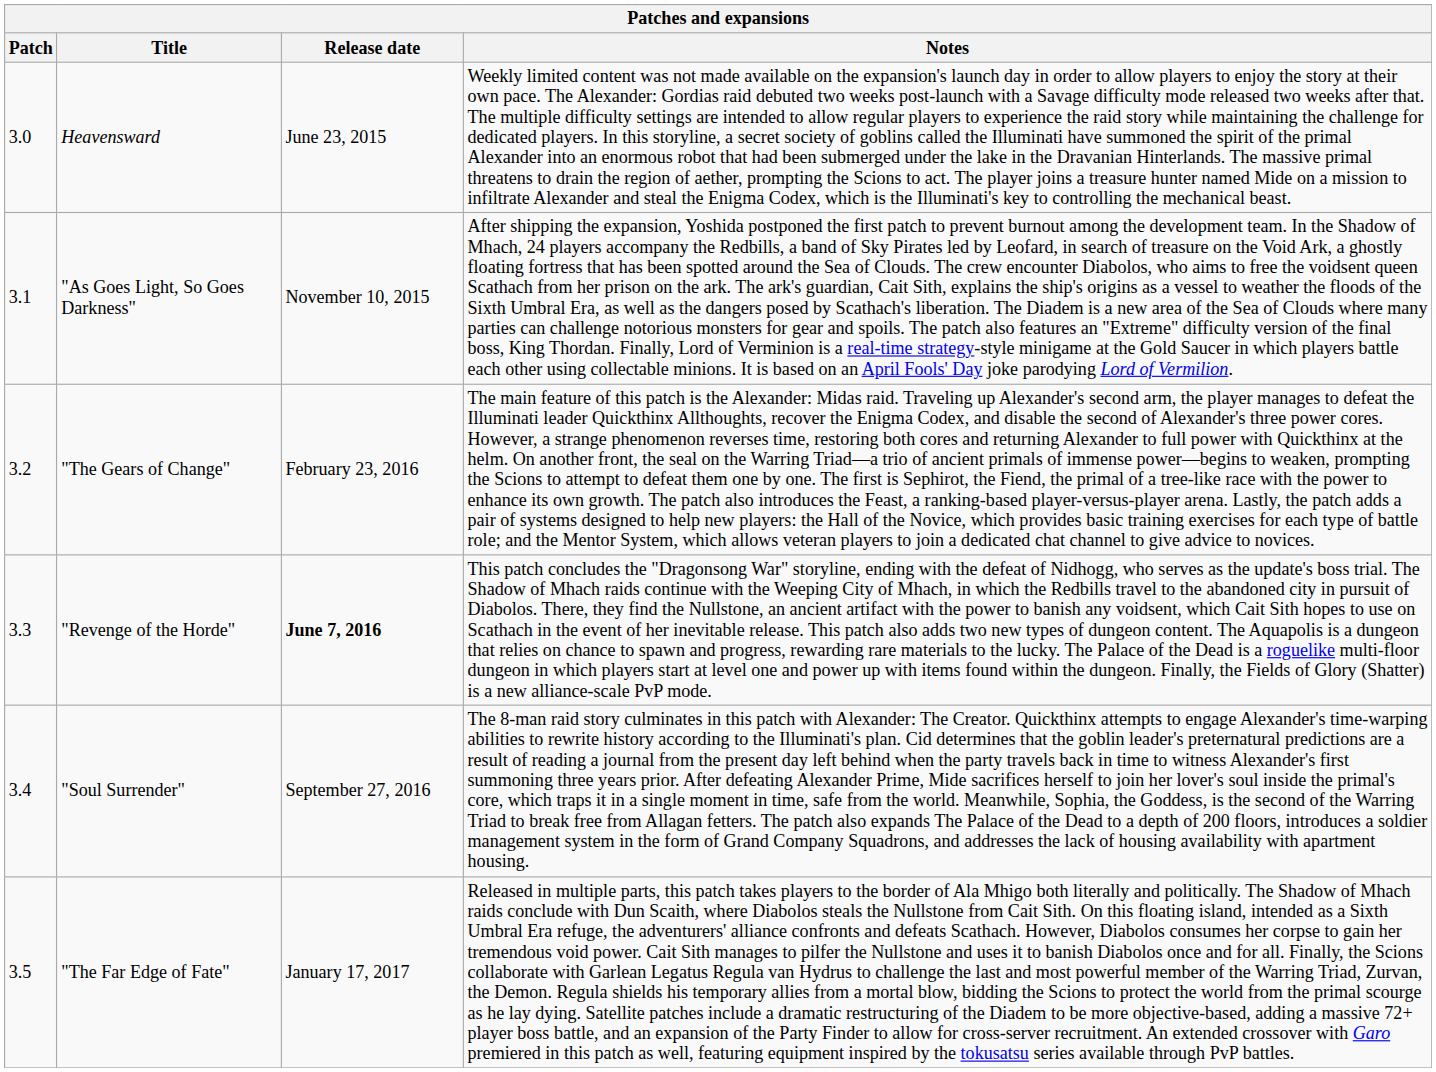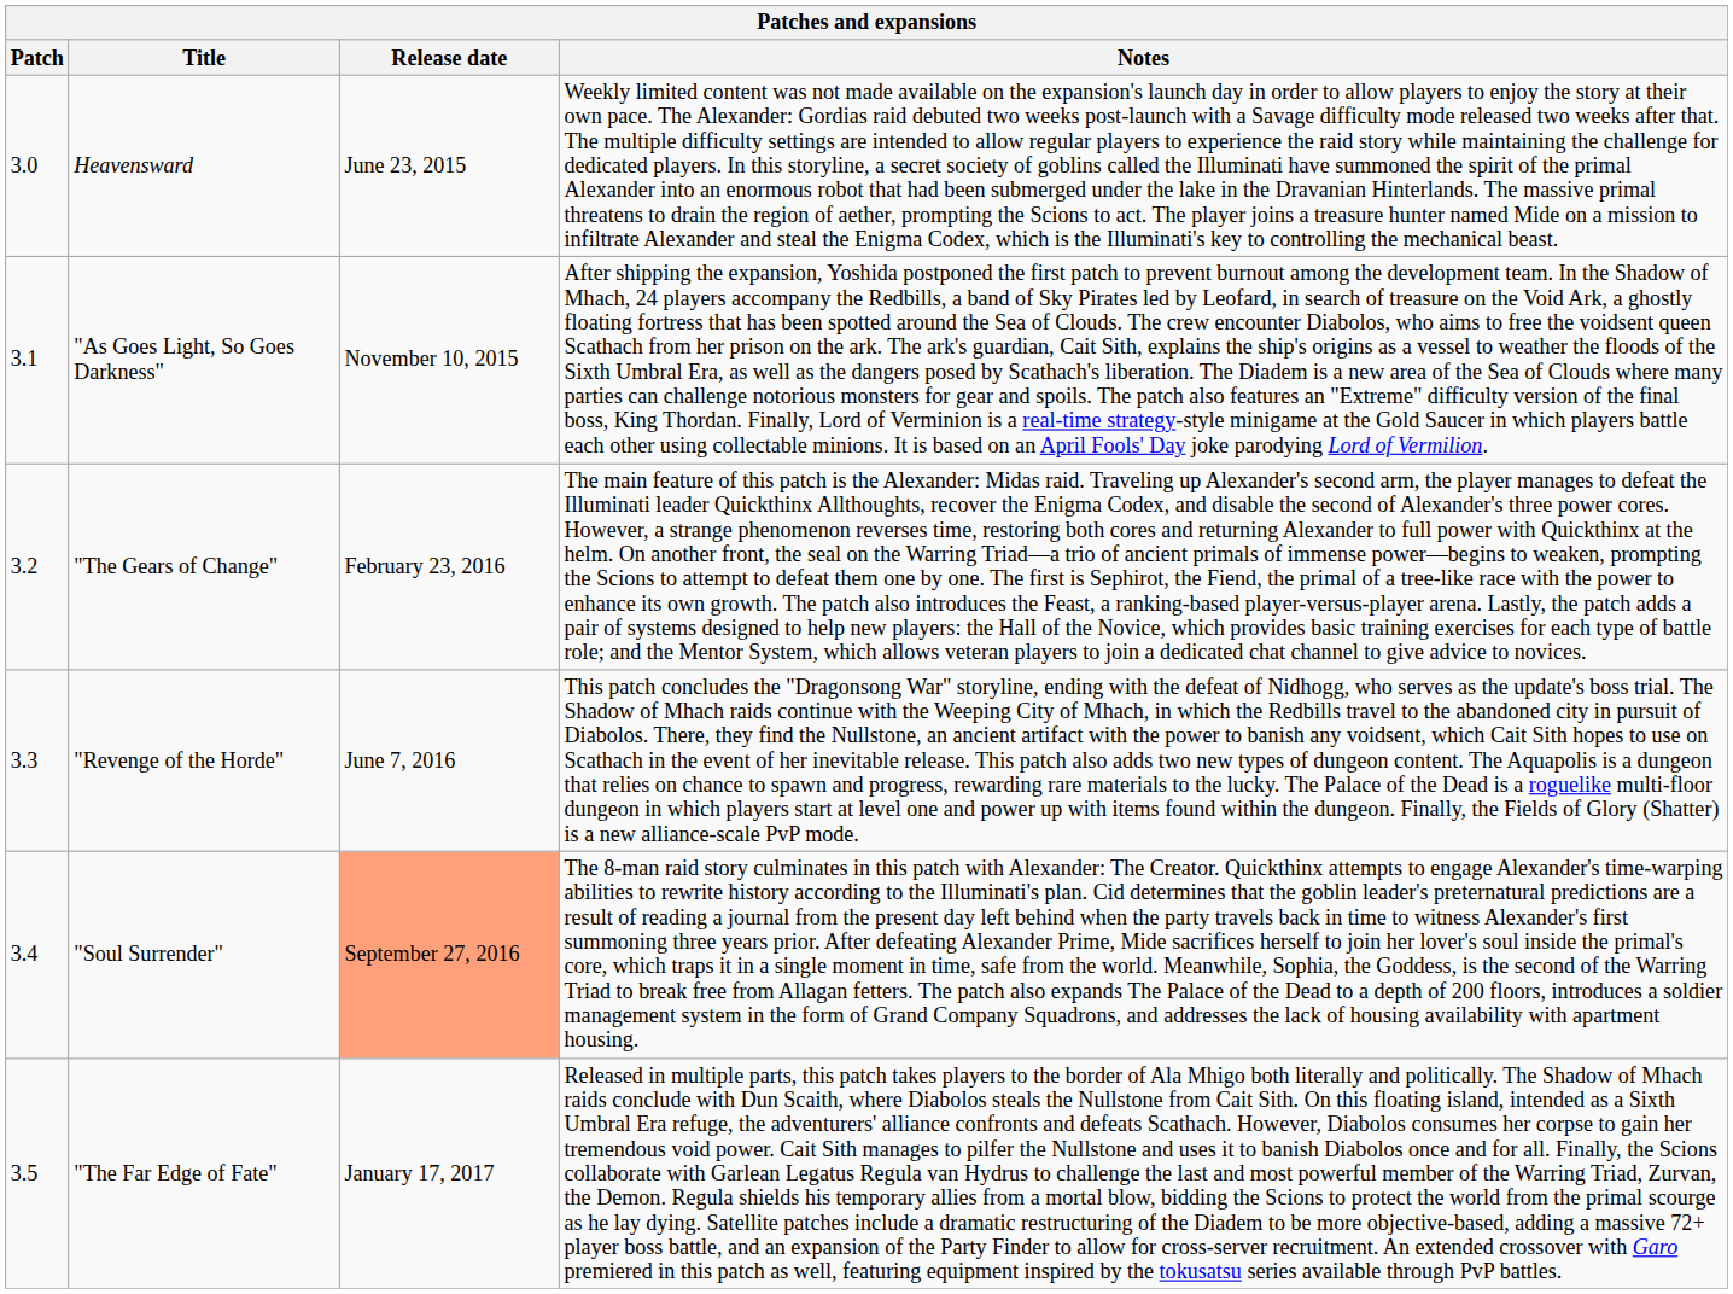 <table class="wikitable collapsible uncollapsed" style="width:100%;">
 <tr>
 <th colspan=4>Patches and expansions</th>
 </tr>
 <tr>
 <th style="width:1%;">Patch</th>
 <th style="width:16%;">Title</th>
 <th style="width:13%;">Release date</th>
 <th style="width:70%;">Notes</th>
 </tr>
 <tr>
 <td>3.0</td>
 <td><em>Heavensward</em></td>
 <td>June 23, 2015</td>
 <td>Weekly limited content was not made available on the expansion's launch day in order to allow players to enjoy the story at their own pace. The Alexander: Gordias raid debuted two weeks post-launch with a Savage difficulty mode released two weeks after that. The multiple difficulty settings are intended to allow regular players to experience the raid story while maintaining the challenge for dedicated players. In this storyline, a secret society of goblins called the Illuminati have summoned the spirit of the primal Alexander into an enormous robot that had been submerged under the lake in the Dravanian Hinterlands. The massive primal threatens to drain the region of aether, prompting the Scions to act. The player joins a treasure hunter named Mide on a mission to infiltrate Alexander and steal the Enigma Codex, which is the Illuminati's key to controlling the mechanical beast.</td>
 </tr>
 <tr>
 <td>3.1</td>
 <td>"As Goes Light, So Goes Darkness"</td>
 <td>November 10, 2015</td>
 <td>After shipping the expansion, Yoshida postponed the first patch to prevent burnout among the development team. In the Shadow of Mhach, 24 players accompany the Redbills, a band of Sky Pirates led by Leofard, in search of treasure on the Void Ark, a ghostly floating fortress that has been spotted around the Sea of Clouds. The crew encounter Diabolos, who aims to free the voidsent queen Scathach from her prison on the ark. The ark's guardian, Cait Sith, explains the ship's origins as a vessel to weather the floods of the Sixth Umbral Era, as well as the dangers posed by Scathach's liberation. The Diadem is a new area of the Sea of Clouds where many parties can challenge notorious monsters for gear and spoils. The patch also features an "Extreme" difficulty version of the final boss, King Thordan. Finally, Lord of Verminion is a <a href='#'>real-time strategy</a>-style minigame at the Gold Saucer in which players battle each other using collectable minions. It is based on an <a href='#'>April Fools' Day</a> joke parodying <em><a href='#'>Lord of Vermilion</a></em>.</td>
 </tr>
 <tr>
 <td>3.2</td>
 <td>"The Gears of Change"</td>
 <td>February 23, 2016</td>
 <td>The main feature of this patch is the Alexander: Midas raid. Traveling up Alexander's second arm, the player manages to defeat the Illuminati leader Quickthinx Allthoughts, recover the Enigma Codex, and disable the second of Alexander's three power cores. However, a strange phenomenon reverses time, restoring both cores and returning Alexander to full power with Quickthinx at the helm. On another front, the seal on the Warring Triad—a trio of ancient primals of immense power—begins to weaken, prompting the Scions to attempt to defeat them one by one. The first is Sephirot, the Fiend, the primal of a tree-like race with the power to enhance its own growth. The patch also introduces the Feast, a ranking-based player-versus-player arena. Lastly, the patch adds a pair of systems designed to help new players: the Hall of the Novice, which provides basic training exercises for each type of battle role; and the Mentor System, which allows veteran players to join a dedicated chat channel to give advice to novices.</td>
 </tr>
 <tr>
 <td>3.3</td>
 <td>"Revenge of the Horde"</td>
-<td><strong>June 7, 2016</strong></td>
+<td>June 7, 2016</td>
 <td>This patch concludes the "Dragonsong War" storyline, ending with the defeat of Nidhogg, who serves as the update's boss trial. The Shadow of Mhach raids continue with the Weeping City of Mhach, in which the Redbills travel to the abandoned city in pursuit of Diabolos. There, they find the Nullstone, an ancient artifact with the power to banish any voidsent, which Cait Sith hopes to use on Scathach in the event of her inevitable release. This patch also adds two new types of dungeon content. The Aquapolis is a dungeon that relies on chance to spawn and progress, rewarding rare materials to the lucky. The Palace of the Dead is a <a href='#'>roguelike</a> multi-floor dungeon in which players start at level one and power up with items found within the dungeon. Finally, the Fields of Glory (Shatter) is a new alliance-scale PvP mode.</td>
 </tr>
 <tr>
 <td>3.4</td>
 <td>"Soul Surrender"</td>
-<td>September 27, 2016</td>
+<td style="background: lightsalmon;">September 27, 2016</td>
 <td>The 8-man raid story culminates in this patch with Alexander: The Creator. Quickthinx attempts to engage Alexander's time-warping abilities to rewrite history according to the Illuminati's plan. Cid determines that the goblin leader's preternatural predictions are a result of reading a journal from the present day left behind when the party travels back in time to witness Alexander's first summoning three years prior. After defeating Alexander Prime, Mide sacrifices herself to join her lover's soul inside the primal's core, which traps it in a single moment in time, safe from the world. Meanwhile, Sophia, the Goddess, is the second of the Warring Triad to break free from Allagan fetters. The patch also expands The Palace of the Dead to a depth of 200 floors, introduces a soldier management system in the form of Grand Company Squadrons, and addresses the lack of housing availability with apartment housing.</td>
 </tr>
 <tr>
 <td>3.5</td>
 <td>"The Far Edge of Fate"</td>
 <td>January 17, 2017</td>
 <td>Released in multiple parts, this patch takes players to the border of Ala Mhigo both literally and politically. The Shadow of Mhach raids conclude with Dun Scaith, where Diabolos steals the Nullstone from Cait Sith. On this floating island, intended as a Sixth Umbral Era refuge, the adventurers' alliance confronts and defeats Scathach. However, Diabolos consumes her corpse to gain her tremendous void power. Cait Sith manages to pilfer the Nullstone and uses it to banish Diabolos once and for all. Finally, the Scions collaborate with Garlean Legatus Regula van Hydrus to challenge the last and most powerful member of the Warring Triad, Zurvan, the Demon. Regula shields his temporary allies from a mortal blow, bidding the Scions to protect the world from the primal scourge as he lay dying. Satellite patches include a dramatic restructuring of the Diadem to be more objective-based, adding a massive 72+ player boss battle, and an expansion of the Party Finder to allow for cross-server recruitment. An extended crossover with <em><a href='#'>Garo</a></em> premiered in this patch as well, featuring equipment inspired by the <a href='#'>tokusatsu</a> series available through PvP battles.</td>
 </tr>
 </table>
